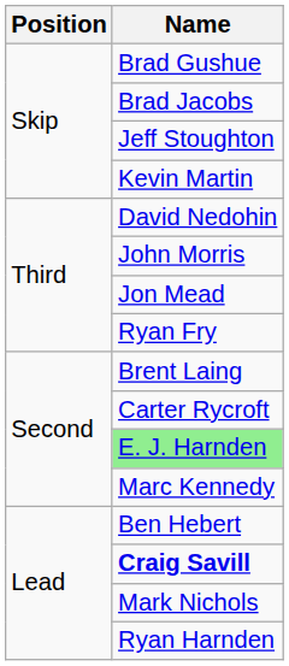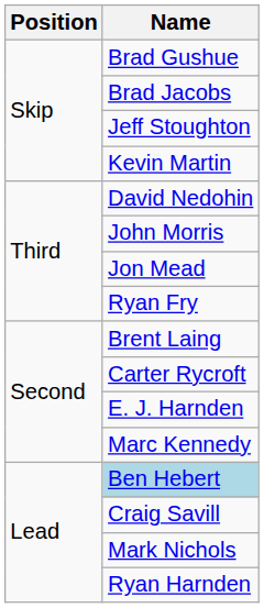 <table class="wikitable sortable">
 <tr>
 <th>Position</th>
 <th>Name</th>
 </tr>
 <tr>
 <td rowspan=4>Skip</td>
 <td><a href='#'>Brad Gushue</a></td>
 </tr>
 <tr>
 <td><a href='#'>Brad Jacobs</a></td>
 </tr>
 <tr>
 <td><a href='#'>Jeff Stoughton</a></td>
 </tr>
 <tr>
 <td><a href='#'>Kevin Martin</a></td>
 </tr>
 <tr>
 <td rowspan=4>Third</td>
 <td><a href='#'>David Nedohin</a></td>
 </tr>
 <tr>
 <td><a href='#'>John Morris</a></td>
 </tr>
 <tr>
 <td><a href='#'>Jon Mead</a></td>
 </tr>
 <tr>
 <td><a href='#'>Ryan Fry</a></td>
 </tr>
 <tr>
 <td rowspan=4>Second</td>
 <td><a href='#'>Brent Laing</a></td>
 </tr>
 <tr>
 <td><a href='#'>Carter Rycroft</a></td>
 </tr>
 <tr>
-<td style="background: lightgreen;"><a href='#'>E. J. Harnden</a></td>
+<td><a href='#'>E. J. Harnden</a></td>
 </tr>
 <tr>
 <td><a href='#'>Marc Kennedy</a></td>
 </tr>
 <tr>
 <td rowspan=4>Lead</td>
-<td><a href='#'>Ben Hebert</a></td>
+<td style="background: lightblue;"><a href='#'>Ben Hebert</a></td>
 </tr>
 <tr>
-<td><strong><a href='#'>Craig Savill</a></strong></td>
+<td><a href='#'>Craig Savill</a></td>
 </tr>
 <tr>
 <td><a href='#'>Mark Nichols</a></td>
 </tr>
 <tr>
 <td><a href='#'>Ryan Harnden</a></td>
 </tr>
 </table>
